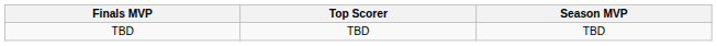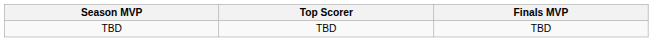 <table class="wikitable" style="text-align:center">
 <tr>
+<th width=328>Season MVP</th>
+<th width=328>Top Scorer</th>
 <th width=328>Finals MVP</th>
-<th width=328>Top Scorer</th>
-<th width=328>Season MVP</th>
 </tr>
 <tr>
 <td>TBD</td>
 <td>TBD</td>
 <td>TBD</td>
 </tr>
 </table>
